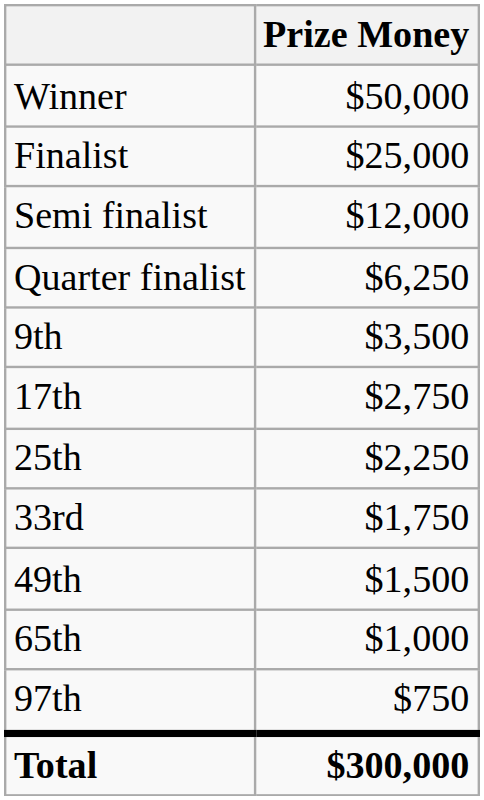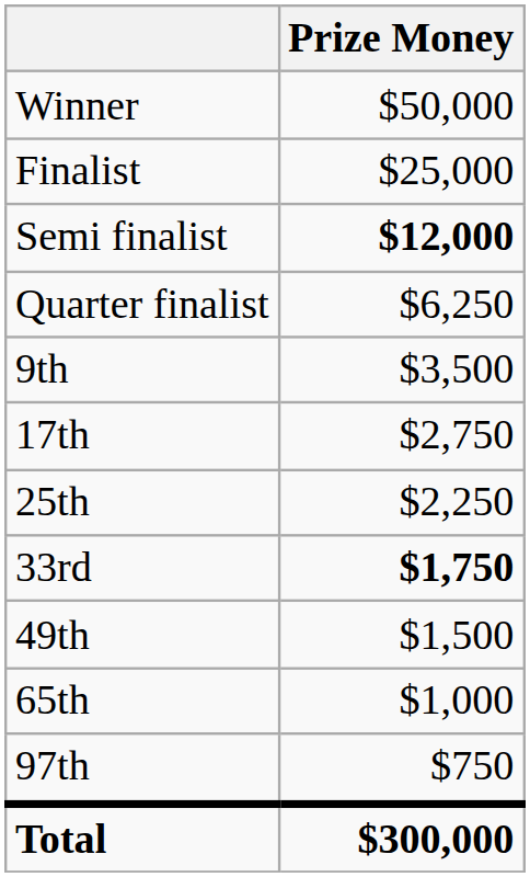 <table class="wikitable sortable">
 <tr>
 <th></th>
 <th>Prize Money</th>
 </tr>
 <tr>
 <td>Winner</td>
 <td style="text-align:right">$50,000</td>
 </tr>
 <tr>
 <td>Finalist</td>
 <td style="text-align:right">$25,000</td>
 </tr>
 <tr>
 <td>Semi finalist</td>
-<td style="text-align:right">$12,000</td>
+<td style="text-align:right"><strong>$12,000</strong></td>
 </tr>
 <tr>
 <td>Quarter finalist</td>
 <td style="text-align:right">$6,250</td>
 </tr>
 <tr>
 <td>9th</td>
 <td style="text-align:right">$3,500</td>
 </tr>
 <tr>
 <td>17th</td>
 <td style="text-align:right">$2,750</td>
 </tr>
 <tr>
 <td>25th</td>
 <td style="text-align:right">$2,250</td>
 </tr>
 <tr>
 <td>33rd</td>
-<td style="text-align:right">$1,750</td>
+<td style="text-align:right"><strong>$1,750</strong></td>
 </tr>
 <tr>
 <td>49th</td>
 <td style="text-align:right">$1,500</td>
 </tr>
 <tr>
 <td>65th</td>
 <td style="text-align:right">$1,000</td>
 </tr>
 <tr>
 <td>97th</td>
 <td style="text-align:right">$750</td>
 </tr>
 <tr>
 <td style="border-top:medium solid"><strong>Total</strong></td>
 <td style="border-top:medium solid; text-align:right"><strong>$300,000</strong></td>
 </tr>
 </table>
